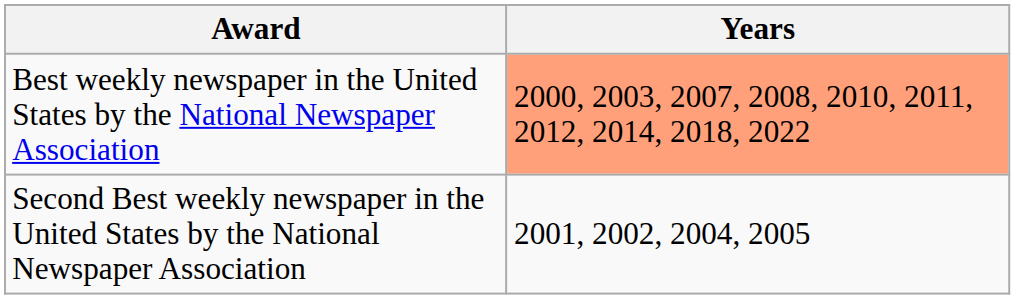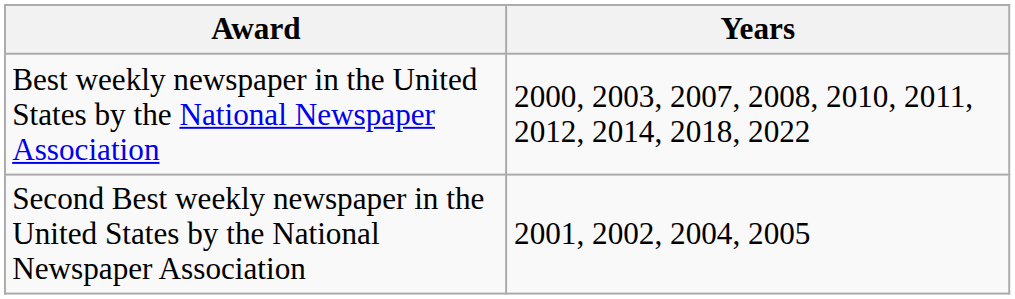 <table class="wikitable sortable">
 <tr>
 <th scope="col" width="250">Award</th>
 <th scope="col" width="250">Years</th>
 </tr>
 <tr>
 <td>Best weekly newspaper in the United States by the <a href='#'>National Newspaper Association</a></td>
-<td style="background: lightsalmon;">2000, 2003, 2007, 2008, 2010, 2011, 2012, 2014, 2018, 2022</td>
+<td>2000, 2003, 2007, 2008, 2010, 2011, 2012, 2014, 2018, 2022</td>
 </tr>
 <tr>
 <td>Second Best weekly newspaper in the United States by the National Newspaper Association</td>
 <td>2001, 2002, 2004, 2005</td>
 </tr>
 </table>
